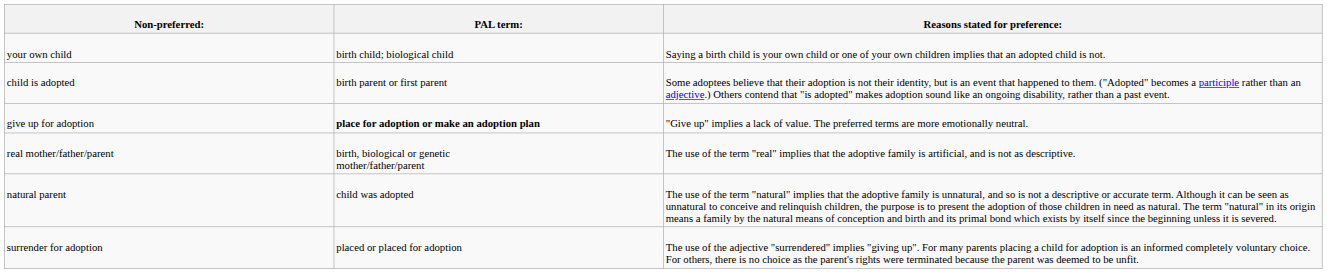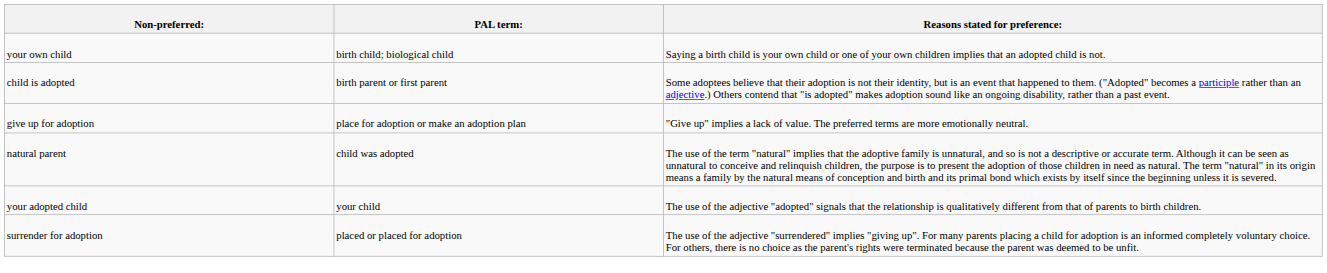 <table class="wikitable">
 <tr ---->
 <th valign="top" align="left" width="25%"><br>Non-preferred:</th>
 <th valign="top" align="left" width="25%"><br>PAL term:</th>
 <th valign="top" align="left" width="50%"><br>Reasons stated for preference:</th>
 </tr>
 <tr ---->
 <td valign="top" align="left" width="25%"><br>your own child</td>
 <td valign="top" align="left" width="25%"><br>birth child; biological child</td>
 <td valign="top" align="left" width="50%"><br>Saying a birth child is your own child or one of your own children implies that an adopted child is not.</td>
 </tr>
 <tr ---->
 <td valign="top" align="left" width="25%"><br>child is adopted</td>
 <td valign="top" align="left" width="25%"><br>birth parent or first parent</td>
 <td valign="top" align="left" width="50%"><br>Some adoptees believe that their adoption is not their identity, but is an event that happened to them. ("Adopted" becomes a <a href='#'>participle</a> rather than an <a href='#'>adjective</a>.) Others contend that "is adopted" makes adoption sound like an ongoing disability, rather than a past event.</td>
 </tr>
 <tr ---->
 <td valign="top" align="left" width="25%"><br>give up for adoption</td>
-<td valign="top" align="left" width="25%"><strong><br>place for adoption or make an adoption plan</strong></td>
+<td valign="top" align="left" width="25%"><br>place for adoption or make an adoption plan</td>
 <td valign="top" align="left" width="50%"><br>"Give up" implies a lack of value. The preferred terms are more emotionally neutral.</td>
-</tr>
-<tr ---->
-<td valign="top" align="left" width="25%"><br>real mother/father/parent</td>
-<td valign="top" align="left" width="25%"><br>birth, biological or genetic<br> mother/father/parent</td>
-<td valign="top" align="left" width="50%"><br>The use of the term "real" implies that the adoptive family is artificial, and is not as descriptive.</td>
 </tr>
 <tr ---->
 <td valign="top" align="left" width="25%"><br>natural parent</td>
 <td valign="top" align="left" width="25%"><br>child was adopted</td>
 <td valign="top" align="left" width="50%"><br>The use of the term "natural" implies that the adoptive family is unnatural, and so is not a descriptive or accurate term. Although it can be seen as unnatural to conceive and relinquish children, the purpose is to present the adoption of those children in need as natural. The term "natural" in its origin means a family by the natural means of conception and birth and its primal bond which exists by itself since the beginning unless it is severed.</td>
 </tr>
 <tr ---->
+<td valign="top" align="left" width="25%"><br>your adopted child</td>
+<td valign="top" align="left" width="25%"><br>your child</td>
+<td valign="top" align="left" width="50%"><br>The use of the adjective "adopted" signals that the relationship is qualitatively different from that of parents to birth children.</td>
+</tr>
+<tr ---->
 <td valign="top" align="left" width="25%"><br>surrender for adoption</td>
 <td valign="top" align="left" width="25%"><br>placed or placed for adoption</td>
 <td valign="top" align="left" width="50%"><br>The use of the adjective "surrendered" implies "giving up".  For many parents placing a child for adoption is an informed completely voluntary choice. For others, there is no choice as the parent's rights were terminated because the parent was deemed to be unfit.</td>
 </tr>
 </table>
